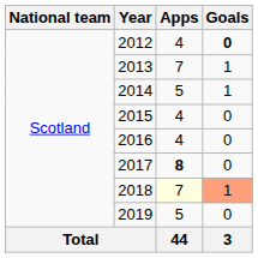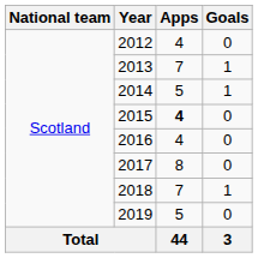 <table class="wikitable" style="text-align:center">
 <tr>
 <th>National team</th>
 <th>Year</th>
 <th>Apps</th>
 <th>Goals</th>
 </tr>
 <tr>
 <td rowspan="8"><a href='#'>Scotland</a></td>
 <td>2012</td>
 <td>4</td>
-<td><strong>0</strong></td>
+<td>0</td>
 </tr>
 <tr>
 <td>2013</td>
 <td>7</td>
 <td>1</td>
 </tr>
 <tr>
 <td>2014</td>
 <td>5</td>
 <td>1</td>
 </tr>
 <tr>
 <td>2015</td>
-<td>4</td>
+<td><strong>4</strong></td>
 <td>0</td>
 </tr>
 <tr>
 <td>2016</td>
 <td>4</td>
 <td>0</td>
 </tr>
 <tr>
 <td>2017</td>
-<td><strong>8</strong></td>
+<td>8</td>
 <td>0</td>
 </tr>
 <tr>
 <td>2018</td>
-<td style="background: lightyellow;">7</td>
-<td style="background: lightsalmon;">1</td>
+<td>7</td>
+<td>1</td>
 </tr>
 <tr>
 <td>2019</td>
 <td>5</td>
 <td>0</td>
 </tr>
 <tr>
 <th colspan="2">Total</th>
 <th>44</th>
 <th>3</th>
 </tr>
 </table>
